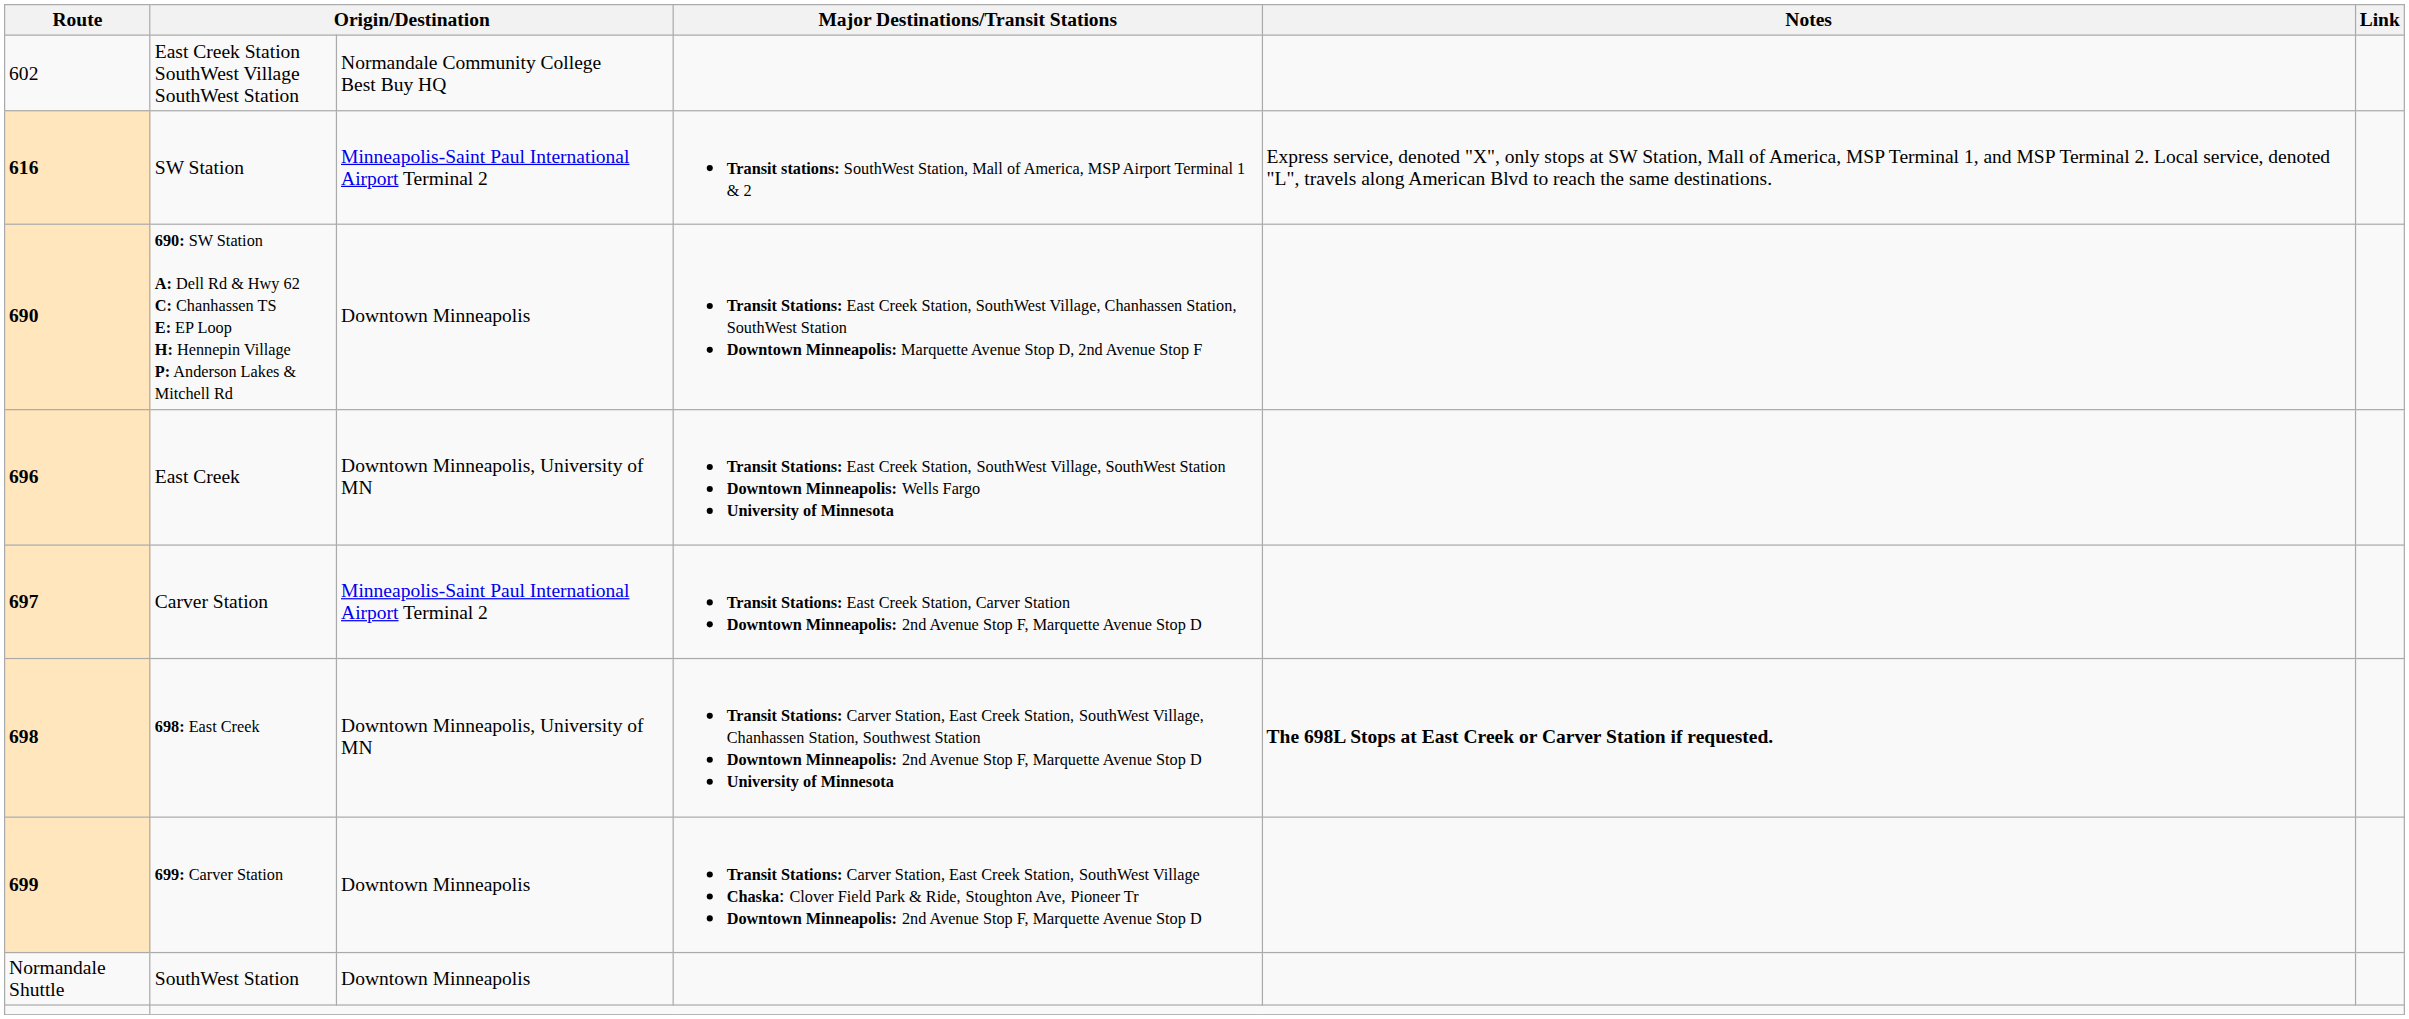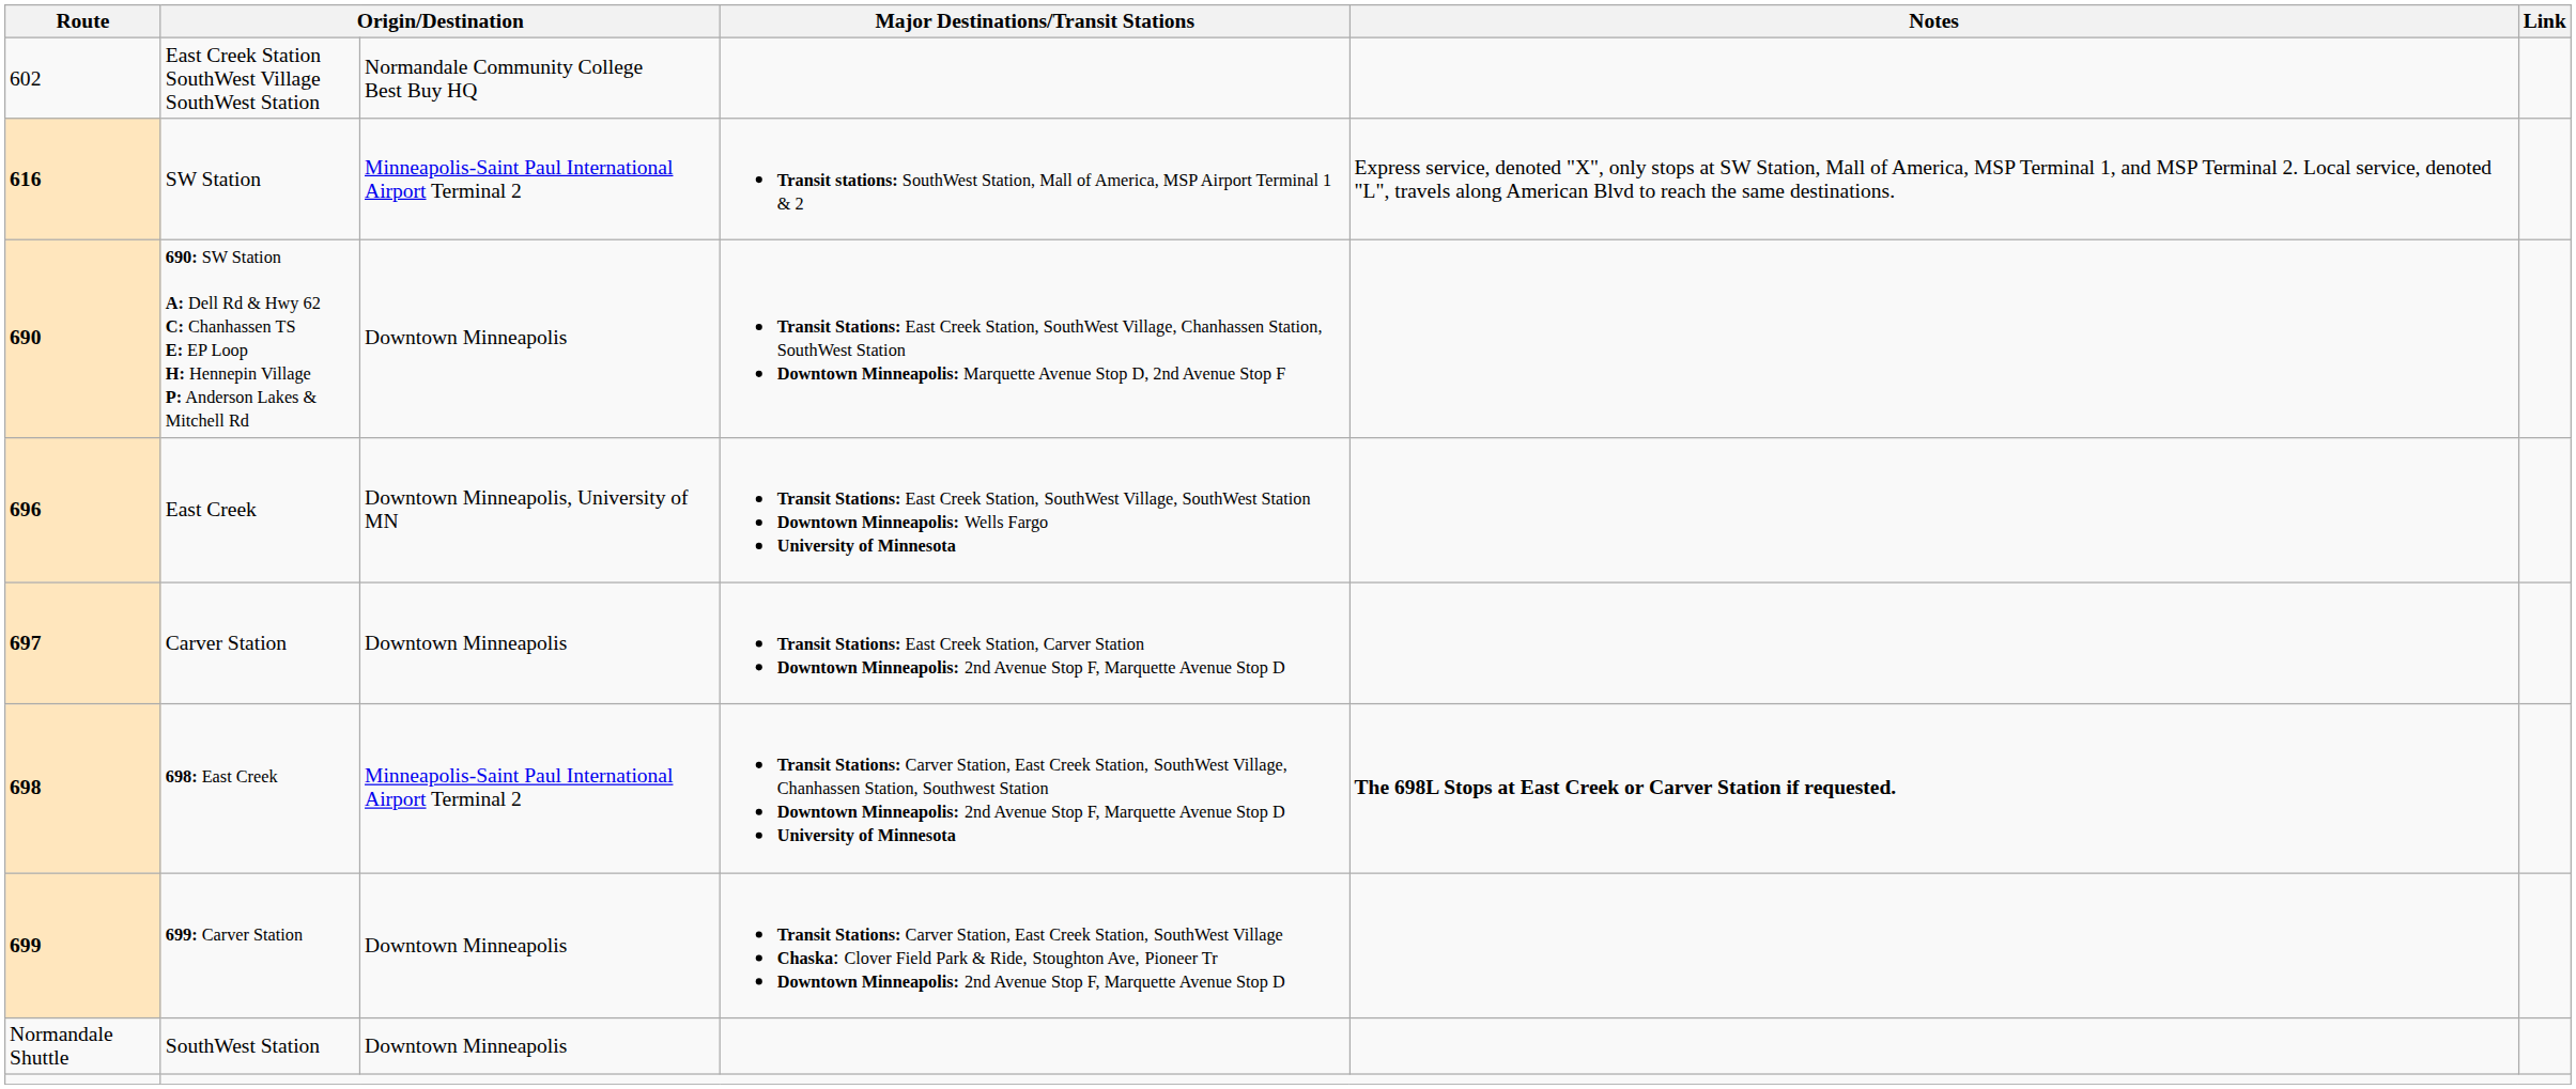 <table class=wikitable>
 <tr>
 <th>Route</th>
 <th colspan=2>Origin/Destination</th>
 <th>Major Destinations/Transit Stations</th>
 <th>Notes</th>
 <th>Link</th>
 </tr>
 <tr>
 <td>602</td>
 <td>East Creek Station<br>SouthWest Village<br>SouthWest Station</td>
 <td>Normandale Community College<br>Best Buy HQ</td>
 <td></td>
 <td></td>
 <td></td>
 </tr>
 <tr>
 <td style="background-color:#FFE6BD"><strong>616</strong></td>
 <td>SW Station</td>
 <td><a href='#'>Minneapolis-Saint Paul International Airport</a> Terminal 2</td>
 <td><br><ul><li><small><strong>Transit stations:</strong> SouthWest Station, Mall of America, MSP Airport Terminal 1 & 2</small></li></ul></td>
 <td>Express service, denoted "X", only stops at SW Station, Mall of America, MSP Terminal 1, and MSP Terminal 2. Local service, denoted "L", travels along American Blvd to reach the same destinations.</td>
 <td></td>
 </tr>
 <tr>
 <td style="background-color:#FFE6BD"><strong>690</strong></td>
 <td><small><strong>690:</strong> SW Station</small><br><br><small><strong>A:</strong> Dell Rd & Hwy 62</small><br> <small><strong>C:</strong> Chanhassen TS</small><br> <small><strong>E:</strong> EP Loop</small><br> <small><strong>H:</strong> Hennepin Village</small><br> <small><strong>P:</strong> Anderson Lakes & Mitchell Rd</small></td>
 <td>Downtown Minneapolis</td>
 <td><br><ul><li><small><strong>Transit Stations:</strong> East Creek Station, SouthWest Village, Chanhassen Station, SouthWest Station</small></li><li><small><strong>Downtown Minneapolis:</strong> Marquette Avenue Stop D, 2nd Avenue Stop F</small></li></ul></td>
 <td></td>
 <td></td>
 </tr>
 <tr>
 <td style="background-color:#FFE6BD"><strong>696</strong></td>
 <td>East Creek</td>
 <td>Downtown Minneapolis, University of MN</td>
 <td><br><ul><li><small><strong>Transit Stations:</strong> East Creek Station,</small> <small>SouthWest Village, SouthWest Station</small></li><li><strong><small>Downtown Minneapolis:</small></strong> <small>Wells Fargo</small></li><li><strong><small>University of Minnesota</small></strong></li></ul></td>
 <td></td>
 <td></td>
 </tr>
 <tr>
 <td style="background-color:#FFE6BD"><strong>697</strong></td>
 <td>Carver Station</td>
-<td><a href='#'>Minneapolis-Saint Paul International Airport</a> Terminal 2</td>
+<td>Downtown Minneapolis</td>
 <td><br><ul><li><small><strong>Transit Stations:</strong> East Creek Station, Carver Station</small></li><li><strong><small>Downtown Minneapolis:</small></strong> <small>2nd Avenue Stop F, Marquette Avenue Stop D</small></li></ul></td>
 <td></td>
 <td></td>
 </tr>
 <tr>
 <td style="background-color:#FFE6BD"><strong>698</strong></td>
 <td><small><strong>698:</strong> East Creek</small><br><br></td>
-<td>Downtown Minneapolis, University of MN</td>
+<td><a href='#'>Minneapolis-Saint Paul International Airport</a> Terminal 2</td>
 <td><br><ul><li><small><strong>Transit Stations:</strong> Carver Station, East Creek Station,</small> <small>SouthWest Village, Chanhassen Station, Southwest Station</small></li><li><strong><small>Downtown Minneapolis:</small></strong> <small>2nd Avenue Stop F, Marquette Avenue Stop D</small></li><li><strong><small>University of Minnesota</small></strong></li></ul></td>
 <td><strong>The 698L Stops at East Creek or Carver Station if requested.</strong></td>
 <td></td>
 </tr>
 <tr>
 <td style="background-color:#FFE6BD"><strong>699</strong></td>
 <td><small><strong>699:</strong> Carver Station</small><br><br></td>
 <td>Downtown Minneapolis</td>
 <td><br><ul><li><small><strong>Transit Stations:</strong> Carver Station, East Creek Station,</small> <small>SouthWest Village</small></li><li><strong><small>Chaska</small></strong>: <small>Clover Field Park & Ride,</small> <small>Stoughton Ave</small><small>,</small> <small>Pioneer Tr</small></li><li><strong><small>Downtown Minneapolis:</small></strong> <small>2nd Avenue Stop F, Marquette Avenue Stop D</small></li></ul></td>
 <td></td>
 <td></td>
 </tr>
 <tr>
 <td>Normandale Shuttle</td>
 <td>SouthWest Station</td>
 <td>Downtown Minneapolis</td>
 <td></td>
 <td></td>
 <td></td>
 </tr>
 <tr>
 <td></td>
 </tr>
 </table>
